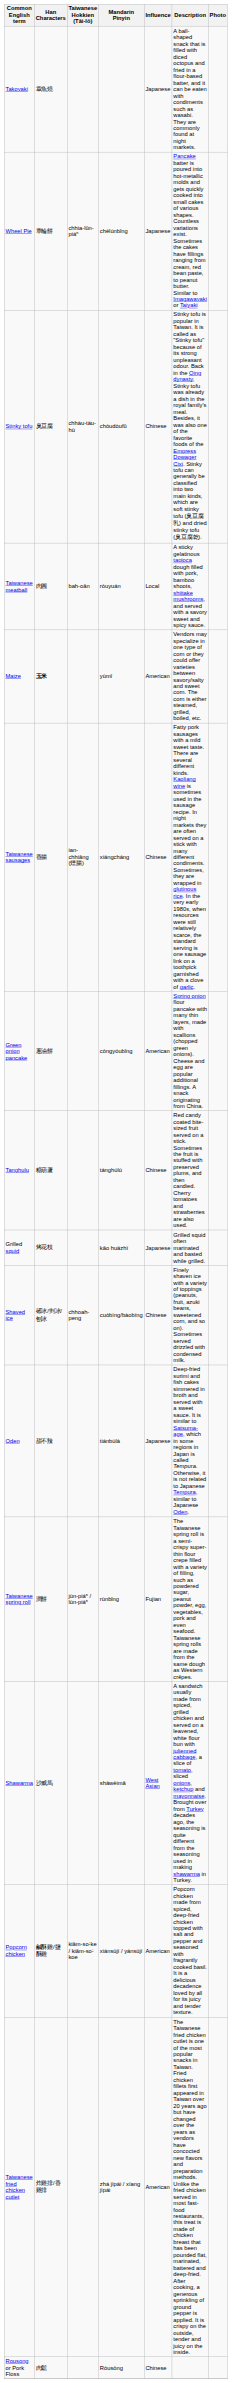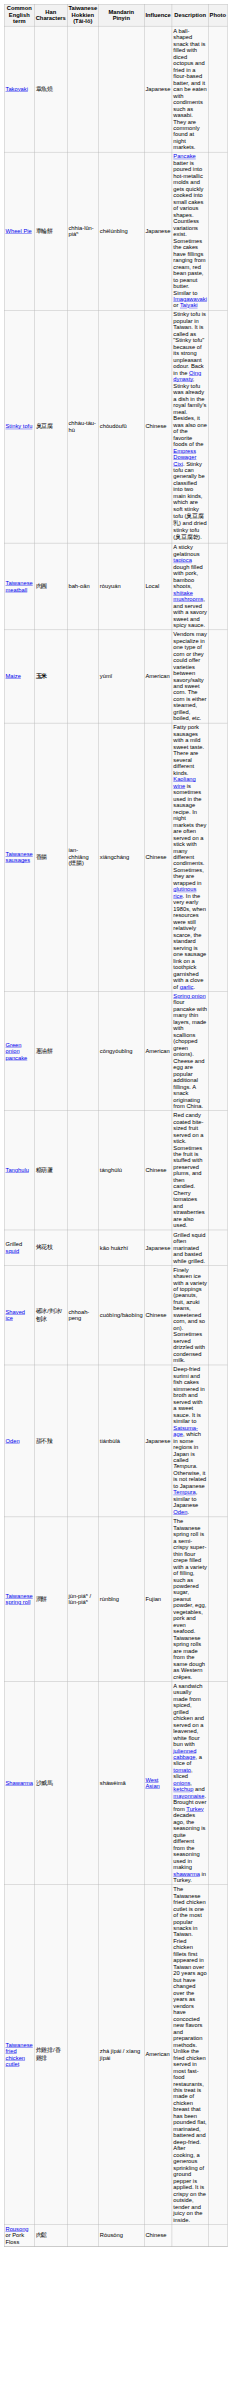 <table class="wikitable">
 <tr>
 <th>Common English term</th>
 <th>Han Characters</th>
 <th>Taiwanese Hokkien (Tâi-lô)</th>
 <th>Mandarin Pinyin</th>
 <th>Influence</th>
 <th>Description</th>
 <th>Photo</th>
 </tr>
 <tr>
 <td><a href='#'>Takoyaki</a></td>
 <td>章魚燒</td>
 <td></td>
 <td></td>
 <td>Japanese</td>
 <td>A ball-shaped snack that is filled with diced octopus and fried in a flour-based batter, and it can be eaten with condiments such as wasabi. They are commonly found at night markets.</td>
 <td></td>
 </tr>
 <tr>
 <td><a href='#'>Wheel Pie</a></td>
 <td>車輪餅</td>
 <td>chhia-lûn-piáⁿ</td>
 <td>chēlúnbǐng</td>
 <td>Japanese</td>
 <td><a href='#'>Pancake</a> batter is poured into hot-metallic molds and gets quickly cooked into small cakes of various shapes. Countless variations exist. Sometimes the cakes have fillings ranging from cream, red bean paste, to peanut butter. Similar to <a href='#'>Imagawayaki</a> or <a href='#'>Taiyaki</a></td>
 <td></td>
 </tr>
 <tr>
 <td><a href='#'>Stinky tofu</a></td>
 <td>臭豆腐</td>
 <td>chhàu-tāu-hū</td>
 <td>chòudòufǔ</td>
 <td>Chinese</td>
 <td>Stinky tofu is popular in Taiwan. It is called as "Stinky tofu" because of its strong unpleasant odour. Back in the <a href='#'>Qing dynasty</a>, Stinky tofu was already a dish in the royal family's meal. Besides, it was also one of the favorite foods of the <a href='#'>Empress Dowager Cixi</a>. Stinky tofu can generally be classified into two main kinds, which are soft stinky tofu (臭豆腐乳) and dried stinky tofu (臭豆腐乾).</td>
 <td></td>
 </tr>
 <tr>
 <td><a href='#'>Taiwanese meatball</a></td>
 <td>肉圓</td>
 <td>bah-oân</td>
 <td>ròuyuán</td>
 <td>Local</td>
 <td>A sticky gelatinous <a href='#'>tapioca</a> dough filled with pork, bamboo shoots, <a href='#'>shiitake mushrooms</a>, and served with a savory sweet and spicy sauce.</td>
 <td></td>
 </tr>
 <tr>
 <td><a href='#'>Maize</a></td>
 <td><strong>玉米</strong></td>
 <td></td>
 <td>yùmǐ</td>
 <td>American</td>
 <td>Vendors may specialize in one type of corn or they could offer varieties between savory/salty and sweet corn. The corn is either steamed, grilled, boiled, etc.</td>
 <td></td>
 </tr>
 <tr>
 <td><a href='#'>Taiwanese sausages</a></td>
 <td>香腸</td>
 <td>ian-chhiâng (煙腸)</td>
 <td>xiāngcháng</td>
 <td>Chinese</td>
 <td>Fatty pork sausages with a mild sweet taste. There are several different kinds. <a href='#'>Kaoliang wine</a> is sometimes used in the sausage recipe. In night markets they are often served on a stick with many different condiments. Sometimes, they are wrapped in <a href='#'>glutinous rice</a>. In the very early 1980s, when resources were still relatively scarce, the standard serving is one sausage link on a toothpick garnished with a clove of <a href='#'>garlic</a>.</td>
 <td></td>
 </tr>
 <tr>
 <td><a href='#'>Green onion pancake</a></td>
 <td>蔥油餅</td>
 <td></td>
 <td>cōngyóubǐng</td>
 <td>American</td>
 <td><a href='#'>Spring onion</a> flour pancake with many thin layers, made with scallions (chopped green onions). Cheese and egg are popular additional fillings. A snack originating from China.</td>
 <td></td>
 </tr>
 <tr>
 <td><a href='#'>Tanghulu</a></td>
 <td>糖葫蘆</td>
 <td></td>
 <td>tánghúlú</td>
 <td>Chinese</td>
 <td>Red candy coated bite-sized fruit served on a stick. Sometimes the fruit is stuffed with preserved plums, and then candied. Cherry tomatoes and strawberries are also used.</td>
 <td></td>
 </tr>
 <tr>
 <td>Grilled <a href='#'>squid</a></td>
 <td>烤花枝</td>
 <td></td>
 <td>kǎo huāzhī</td>
 <td>Japanese</td>
 <td>Grilled squid often marinated and basted while grilled.</td>
 <td></td>
 </tr>
 <tr>
 <td><a href='#'>Shaved ice</a></td>
 <td>礤冰/剉冰/刨冰</td>
 <td>chhoah-peng</td>
 <td>cuòbīng/bàobīng</td>
 <td>Chinese</td>
 <td>Finely shaven ice with a variety of toppings (peanuts, fruit, azuki beans, sweetened corn, and so on). Sometimes served drizzled with condensed milk.</td>
 <td></td>
 </tr>
 <tr>
 <td><a href='#'>Oden</a></td>
 <td>甜不辣</td>
 <td></td>
 <td>tiánbùlà</td>
 <td>Japanese</td>
 <td>Deep-fried surimi and fish cakes simmered in broth and served with a sweet sauce. It is similar to <a href='#'>Satsuma-age</a>, which in some regions in Japan is called <em>Tempura</em>. Otherwise, it is not related to Japanese <a href='#'>Tempura</a>, similar to Japanese <a href='#'>Oden</a>.</td>
 <td></td>
 </tr>
 <tr>
 <td><a href='#'>Taiwanese spring roll</a></td>
 <td>潤餅</td>
 <td>jūn-piáⁿ / lūn-piáⁿ</td>
 <td>rùnbǐng</td>
 <td>Fujian</td>
 <td>The Taiwanese spring roll is a semi-crispy super-thin flour crepe filled with a variety of filling, such as powdered sugar, peanut powder, egg, vegetables, pork and even seafood. Taiwanese spring rolls are made from the same dough as Western crêpes.</td>
 <td></td>
 </tr>
 <tr>
 <td><a href='#'>Shawarma</a></td>
 <td>沙威馬</td>
 <td></td>
 <td>shāwēimǎ</td>
 <td><a href='#'>West Asian</a></td>
 <td>A sandwich usually made from spiced, grilled chicken and served on a leavened, white flour bun with <a href='#'>julienned</a> <a href='#'>cabbage</a>, a slice of <a href='#'>tomato</a>, sliced <a href='#'>onions</a>, <a href='#'>ketchup</a> and <a href='#'>mayonnaise</a>. Brought over from <a href='#'>Turkey</a> decades ago, the seasoning is quite different from the seasoning used in making <a href='#'>shawarma</a> in Turkey.</td>
 <td></td>
 </tr>
 <tr>
-<td><a href='#'>Popcorn chicken</a></td>
-<td>鹹酥雞/鹽酥雞</td>
-<td>kiâm-so͘-ke / kiâm-so͘-koe</td>
-<td>xiánsūjī / yánsūjī</td>
-<td>American</td>
-<td>Popcorn chicken made from spiced, deep-fried chicken topped with salt and pepper and seasoned with fragrantly cooked basil. It is a delicious decadence loved by all for its juicy and tender texture.</td>
-<td></td>
-</tr>
-<tr>
 <td><a href='#'>Taiwanese fried chicken cutlet</a></td>
 <td>炸雞排/香雞排</td>
 <td></td>
 <td>zhá jīpái / xīang jīpái</td>
 <td>American</td>
 <td>The Taiwanese fried chicken cutlet is one of the most popular snacks in Taiwan. Fried chicken fillets first appeared in Taiwan over 20 years ago but have changed over the years as vendors have concocted new flavors and preparation methods. Unlike the fried chicken served in most fast-food restaurants, this treat is made of chicken breast that has been pounded flat, marinated, battered and deep-fried. After cooking, a generous sprinkling of ground pepper is applied. It is crispy on the outside, tender and juicy on the inside.</td>
 <td></td>
 </tr>
 <tr>
 <td><a href='#'>Rousong</a> or Pork Floss</td>
 <td>肉鬆</td>
 <td></td>
 <td>Ròusōng</td>
 <td>Chinese</td>
 <td></td>
 <td></td>
 </tr>
 <tr>
 </tr>
 </table>
